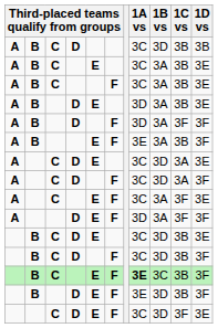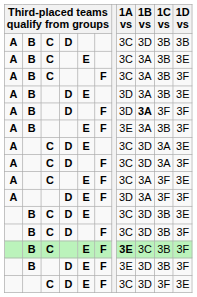 <table class="wikitable" style="text-align:center">
 <tr>
 <th colspan=6>Third-placed teams<br>qualify from groups</th>
 <th rowspan=16></th>
 <th>1A<br>vs</th>
 <th>1B<br>vs</th>
 <th>1C<br>vs</th>
 <th>1D<br>vs</th>
 </tr>
 <tr>
 <td><strong>A</strong></td>
 <td><strong>B</strong></td>
 <td><strong>C</strong></td>
 <td><strong>D</strong></td>
 <td></td>
 <td></td>
 <td>3C</td>
 <td>3D</td>
 <td>3B</td>
 <td>3B</td>
 </tr>
 <tr>
 <td><strong>A</strong></td>
 <td><strong>B</strong></td>
 <td><strong>C</strong></td>
 <td></td>
 <td><strong>E</strong></td>
 <td></td>
 <td>3C</td>
 <td>3A</td>
 <td>3B</td>
 <td>3E</td>
 </tr>
 <tr>
 <td><strong>A</strong></td>
 <td><strong>B</strong></td>
 <td><strong>C</strong></td>
 <td></td>
 <td></td>
 <td><strong>F</strong></td>
 <td>3C</td>
 <td>3A</td>
 <td>3B</td>
-<td>3E</td>
+<td>3F</td>
 </tr>
 <tr>
 <td><strong>A</strong></td>
 <td><strong>B</strong></td>
 <td></td>
 <td><strong>D</strong></td>
 <td><strong>E</strong></td>
 <td></td>
 <td>3D</td>
 <td>3A</td>
 <td>3B</td>
 <td>3E</td>
 </tr>
 <tr>
 <td><strong>A</strong></td>
 <td><strong>B</strong></td>
 <td></td>
 <td><strong>D</strong></td>
 <td></td>
 <td><strong>F</strong></td>
 <td>3D</td>
-<td>3A</td>
+<td><strong>3A</strong></td>
 <td>3F</td>
 <td>3F</td>
 </tr>
 <tr>
 <td><strong>A</strong></td>
 <td><strong>B</strong></td>
 <td></td>
 <td></td>
 <td><strong>E</strong></td>
 <td><strong>F</strong></td>
 <td>3E</td>
 <td>3A</td>
 <td>3B</td>
 <td>3F</td>
 </tr>
 <tr>
 <td><strong>A</strong></td>
 <td></td>
 <td><strong>C</strong></td>
 <td><strong>D</strong></td>
 <td><strong>E</strong></td>
 <td></td>
 <td>3C</td>
 <td>3D</td>
 <td>3A</td>
 <td>3E</td>
 </tr>
 <tr>
 <td><strong>A</strong></td>
 <td></td>
 <td><strong>C</strong></td>
 <td><strong>D</strong></td>
 <td></td>
 <td><strong>F</strong></td>
 <td>3C</td>
 <td>3D</td>
 <td>3A</td>
 <td>3F</td>
 </tr>
 <tr>
 <td><strong>A</strong></td>
 <td></td>
 <td><strong>C</strong></td>
 <td></td>
 <td><strong>E</strong></td>
 <td><strong>F</strong></td>
 <td>3C</td>
 <td>3A</td>
 <td>3F</td>
 <td>3E</td>
 </tr>
 <tr>
 <td><strong>A</strong></td>
 <td></td>
 <td></td>
 <td><strong>D</strong></td>
 <td><strong>E</strong></td>
 <td><strong>F</strong></td>
 <td>3D</td>
 <td>3A</td>
 <td>3F</td>
 <td>3F</td>
 </tr>
 <tr>
 <td></td>
 <td><strong>B</strong></td>
 <td><strong>C</strong></td>
 <td><strong>D</strong></td>
 <td><strong>E</strong></td>
 <td></td>
 <td>3C</td>
 <td>3D</td>
 <td>3B</td>
 <td>3E</td>
 </tr>
 <tr>
 <td></td>
 <td><strong>B</strong></td>
 <td><strong>C</strong></td>
 <td><strong>D</strong></td>
 <td></td>
 <td><strong>F</strong></td>
 <td>3C</td>
 <td>3D</td>
 <td>3B</td>
 <td>3F</td>
 </tr>
 <tr style="background:#BBF3BB;">
 <td></td>
 <td><strong>B</strong></td>
 <td><strong>C</strong></td>
 <td></td>
 <td><strong>E</strong></td>
 <td><strong>F</strong></td>
 <td><strong>3E</strong></td>
 <td>3C</td>
 <td>3B</td>
 <td>3F</td>
 </tr>
 <tr>
 <td></td>
 <td><strong>B</strong></td>
 <td></td>
 <td><strong>D</strong></td>
 <td><strong>E</strong></td>
 <td><strong>F</strong></td>
 <td>3E</td>
 <td>3D</td>
 <td>3B</td>
 <td>3F</td>
 </tr>
 <tr>
 <td></td>
 <td></td>
 <td><strong>C</strong></td>
 <td><strong>D</strong></td>
 <td><strong>E</strong></td>
 <td><strong>F</strong></td>
 <td>3C</td>
 <td>3D</td>
 <td>3F</td>
 <td>3E</td>
 </tr>
 </table>
